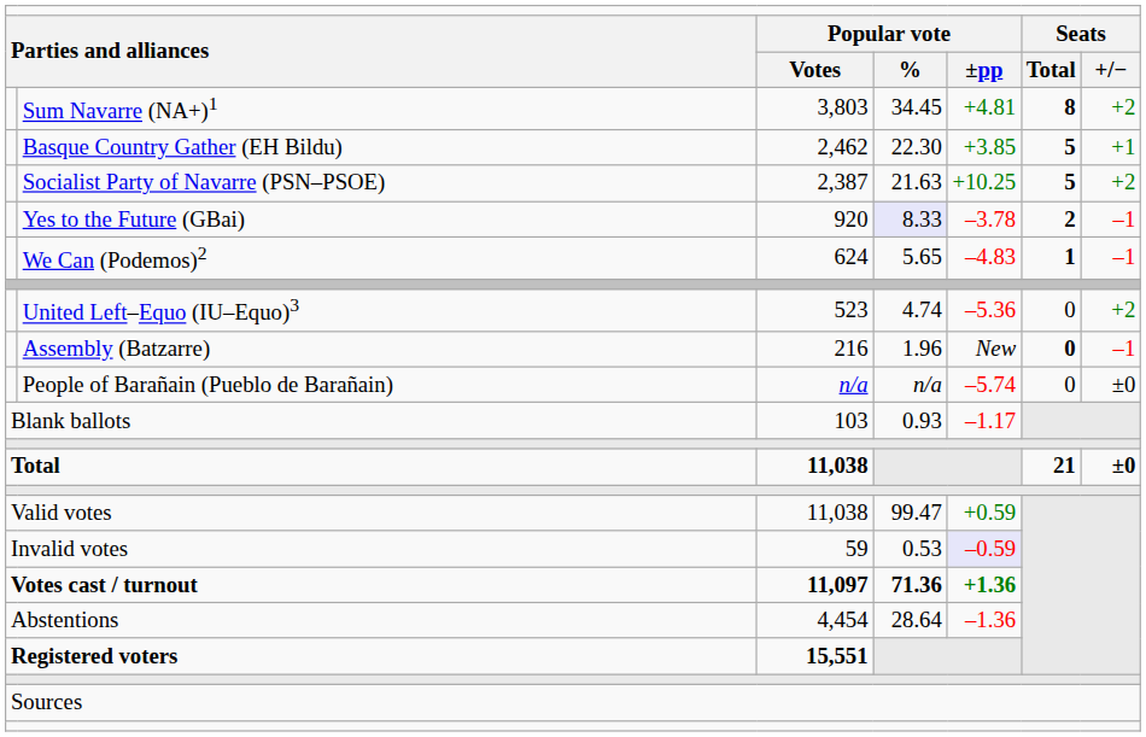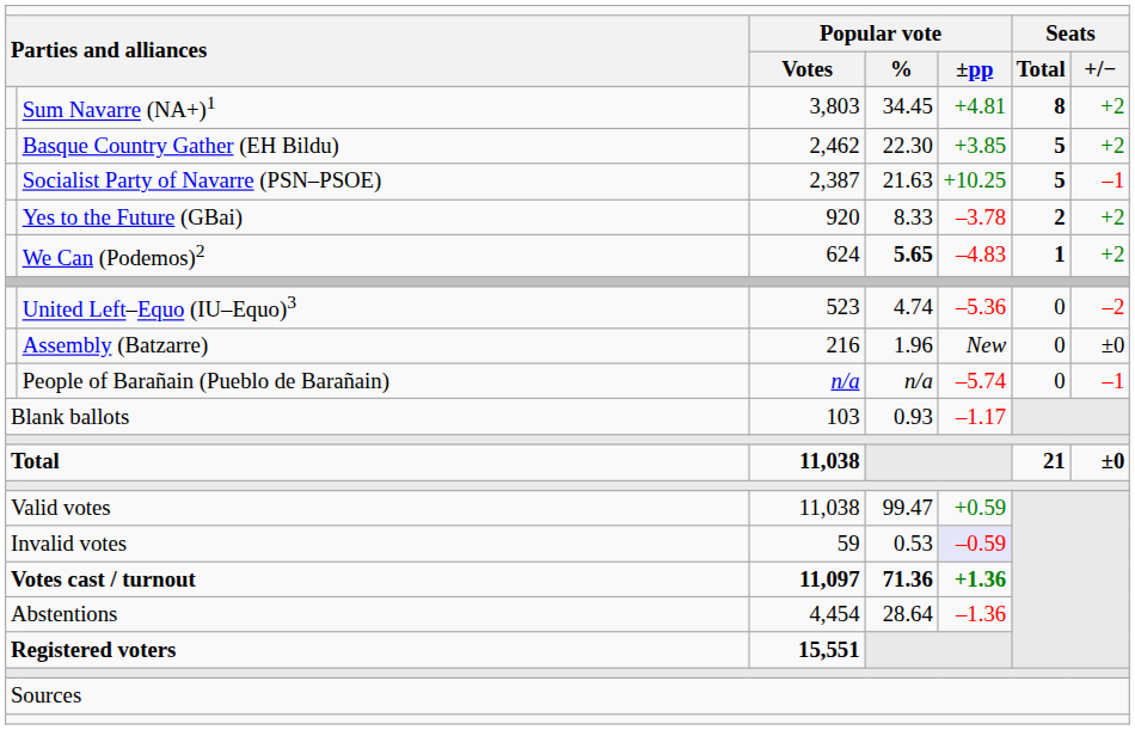 <table class="wikitable" style="text-align:right;">
 <tr>
 <td colspan="7"></td>
 </tr>
 <tr>
 <th style="text-align:left;" rowspan="2" colspan="2" width="525">Parties and alliances</th>
 <th colspan="3">Popular vote</th>
 <th colspan="2">Seats</th>
 </tr>
 <tr>
 <th width="75">Votes</th>
 <th width="45">%</th>
 <th width="45">±<a href='#'>pp</a></th>
 <th width="35">Total</th>
 <th width="35">+/−</th>
 </tr>
 <tr>
 <td width="1" style="color:inherit;background:"></td>
 <td align="left"><a href='#'>Sum Navarre</a> (NA+)<sup>1</sup></td>
 <td>3,803</td>
 <td>34.45</td>
 <td style="color:green;">+4.81</td>
 <td><strong>8</strong></td>
 <td style="color:green;">+2</td>
 </tr>
 <tr>
 <td style="color:inherit;background:"></td>
 <td align="left"><a href='#'>Basque Country Gather</a> (EH Bildu)</td>
 <td>2,462</td>
 <td>22.30</td>
 <td style="color:green;">+3.85</td>
 <td><strong>5</strong></td>
-<td style="color:green;">+1</td>
+<td style="color:green;">+2</td>
 </tr>
 <tr>
 <td style="color:inherit;background:"></td>
 <td align="left"><a href='#'>Socialist Party of Navarre</a> (PSN–PSOE)</td>
 <td>2,387</td>
 <td>21.63</td>
 <td style="color:green;">+10.25</td>
 <td><strong>5</strong></td>
-<td style="color:green;">+2</td>
+<td style="color:red;">–1</td>
 </tr>
 <tr>
 <td style="color:inherit;background:"></td>
 <td align="left"><a href='#'>Yes to the Future</a> (GBai)</td>
 <td>920</td>
-<td style="background: lavender;">8.33</td>
+<td>8.33</td>
 <td style="color:red;">–3.78</td>
 <td><strong>2</strong></td>
-<td style="color:red;">–1</td>
+<td style="color:green;">+2</td>
 </tr>
 <tr>
 <td style="color:inherit;background:"></td>
 <td align="left"><a href='#'>We Can</a> (Podemos)<sup>2</sup></td>
 <td>624</td>
-<td>5.65</td>
+<td><strong>5.65</strong></td>
 <td style="color:red;">–4.83</td>
 <td><strong>1</strong></td>
-<td style="color:red;">–1</td>
+<td style="color:green;">+2</td>
 </tr>
 <tr>
 <td colspan="7" bgcolor="#C0C0C0"></td>
 </tr>
 <tr>
 <td style="color:inherit;background:"></td>
 <td align="left"><a href='#'>United Left</a>–<a href='#'>Equo</a> (IU–Equo)<sup>3</sup></td>
 <td>523</td>
 <td>4.74</td>
 <td style="color:red;">–5.36</td>
 <td>0</td>
-<td style="color:green;">+2</td>
+<td style="color:red;">–2</td>
 </tr>
 <tr>
 <td style="color:inherit;background:"></td>
 <td align="left"><a href='#'>Assembly</a> (Batzarre)</td>
 <td>216</td>
 <td>1.96</td>
 <td><em>New</em></td>
-<td><strong>0</strong></td>
-<td style="color:red;">–1</td>
+<td>0</td>
+<td>±0</td>
 </tr>
 <tr>
 <td style="color:inherit;background:"></td>
 <td align="left">People of Barañain (Pueblo de Barañain)</td>
 <td><em><a href='#'>n/a</a></em></td>
 <td><em>n/a</em></td>
 <td style="color:red;">–5.74</td>
 <td>0</td>
-<td>±0</td>
+<td style="color:red;">–1</td>
 </tr>
 <tr>
 <td align="left" colspan="2">Blank ballots</td>
 <td>103</td>
 <td>0.93</td>
 <td style="color:red;">–1.17</td>
 <td bgcolor="#E9E9E9" colspan="2"></td>
 </tr>
 <tr>
 <td colspan="7" bgcolor="#E9E9E9"></td>
 </tr>
 <tr style="font-weight:bold;">
 <td align="left" colspan="2">Total</td>
 <td>11,038</td>
 <td bgcolor="#E9E9E9" colspan="2"></td>
 <td>21</td>
 <td>±0</td>
 </tr>
 <tr>
 <td colspan="7" bgcolor="#E9E9E9"></td>
 </tr>
 <tr>
 <td align="left" colspan="2">Valid votes</td>
 <td>11,038</td>
 <td>99.47</td>
 <td style="color:green;">+0.59</td>
 <td bgcolor="#E9E9E9" colspan="2" rowspan="5"></td>
 </tr>
 <tr>
 <td align="left" colspan="2">Invalid votes</td>
 <td>59</td>
 <td>0.53</td>
 <td style="background: lavender; color:red;">–0.59</td>
 </tr>
 <tr style="font-weight:bold;">
 <td align="left" colspan="2">Votes cast / turnout</td>
 <td>11,097</td>
 <td>71.36</td>
 <td style="color:green;">+1.36</td>
 </tr>
 <tr>
 <td align="left" colspan="2">Abstentions</td>
 <td>4,454</td>
 <td>28.64</td>
 <td style="color:red;">–1.36</td>
 </tr>
 <tr style="font-weight:bold;">
 <td align="left" colspan="2">Registered voters</td>
 <td>15,551</td>
 <td bgcolor="#E9E9E9" colspan="2"></td>
 </tr>
 <tr>
 <td colspan="7" bgcolor="#E9E9E9"></td>
 </tr>
 <tr>
 <td align="left" colspan="7">Sources</td>
 </tr>
 <tr>
 <td colspan="7" style="text-align:left; max-width:790px;"></td>
 </tr>
 </table>
